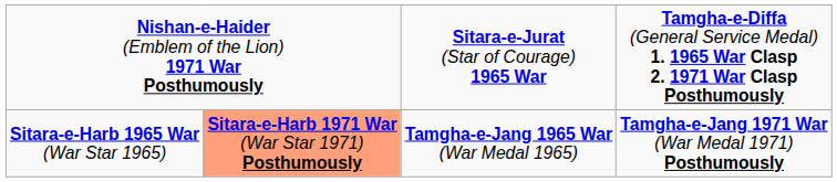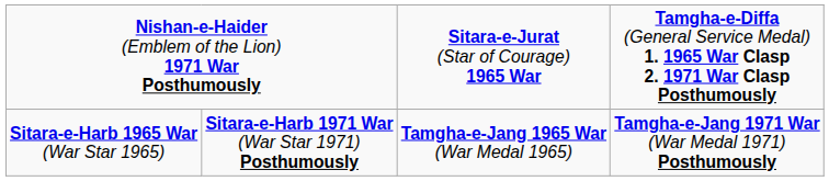 <table class="wikitable" style="margin:1em auto; text-align:center;">
 <tr>
 <td colspan="2"><strong><a href='#'>Nishan-e-Haider</a></strong><br><em>(Emblem of the Lion)</em><br><strong><a href='#'>1971 War</a></strong><br><strong><u>Posthumously</u></strong></td>
 <td><strong><a href='#'>Sitara-e-Jurat</a></strong><br><em>(Star of Courage)</em><br><strong><a href='#'>1965 War</a></strong></td>
 <td><strong><a href='#'>Tamgha-e-Diffa</a></strong><br><em>(General Service Medal)</em><br><strong>1. <a href='#'>1965 War</a> Clasp</strong><br><strong>2. <a href='#'>1971 War</a> Clasp</strong><br><strong><u>Posthumously</u></strong></td>
 </tr>
 <tr>
 <td><strong><a href='#'>Sitara-e-Harb 1965 War</a></strong><br><em>(War Star 1965)</em></td>
-<td style="background: lightsalmon;"><strong><a href='#'>Sitara-e-Harb 1971 War</a></strong><br><em>(War Star 1971)</em><br><strong><u>Posthumously</u></strong></td>
+<td><strong><a href='#'>Sitara-e-Harb 1971 War</a></strong><br><em>(War Star 1971)</em><br><strong><u>Posthumously</u></strong></td>
 <td><strong><a href='#'>Tamgha-e-Jang 1965 War</a></strong><br><em>(War Medal 1965)</em></td>
 <td><strong><a href='#'>Tamgha-e-Jang 1971 War</a></strong><br><em>(War Medal 1971)</em><br><strong><u>Posthumously</u></strong></td>
 </tr>
 </table>
